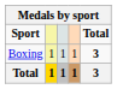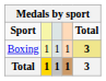 <table class="wikitable" style="font-size:85%; text-align:center;">
 <tr style="background:#efefef;">
 <th colspan=5><strong>Medals by sport</strong></th>
 </tr>
 <tr>
 <td><strong>Sport</strong></td>
 <td style="background:#f7f6a8;"></td>
 <td style="background:#dce5e5;"></td>
 <td style="background:#ffdab9;"></td>
 <td><strong>Total</strong></td>
 </tr>
 <tr>
 <td><a href='#'>Boxing</a></td>
 <td style="background:#F7F6A8;">1</td>
 <td style="background:#DCE5E5;">1</td>
 <td style="background:#FFDAB9;">1</td>
-<td><strong>3</strong></td>
+<td style="background: khaki;"><strong>3</strong></td>
 </tr>
 <tr>
 <th>Total</th>
 <th style="background:gold;">1</th>
 <th style="background:silver;">1</th>
 <th style="background:#c96;">1</th>
 <th>3</th>
 </tr>
 </table>
